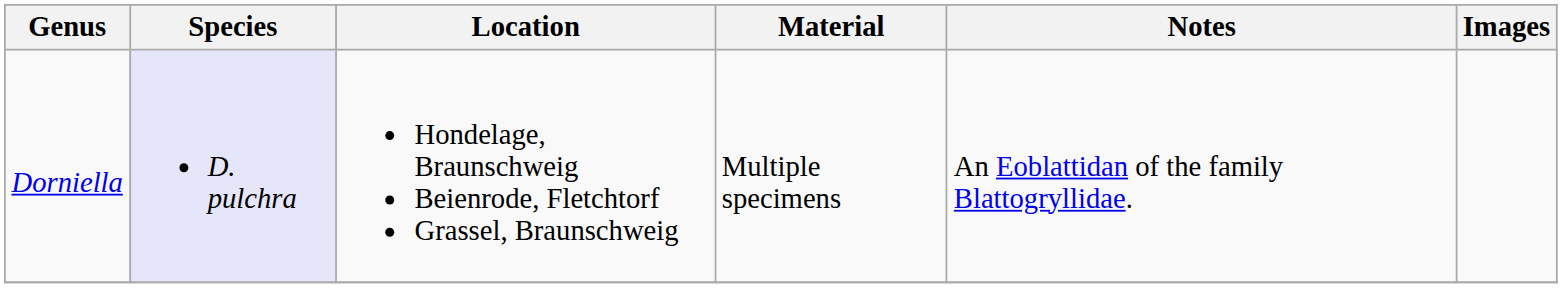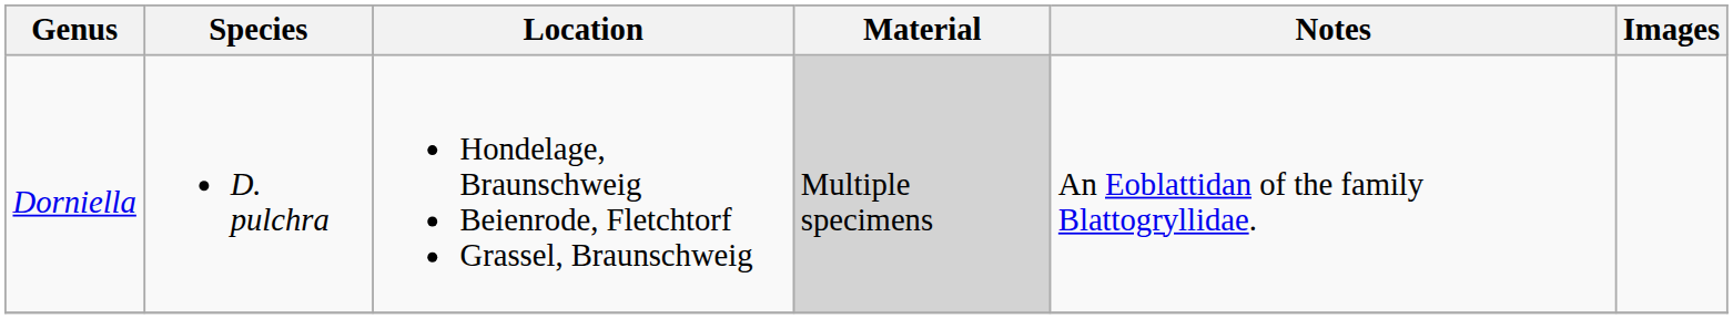 <table class = "wikitable">
 <tr>
 <th>Genus</th>
 <th>Species</th>
 <th>Location</th>
 <th>Material</th>
 <th>Notes</th>
 <th>Images</th>
 </tr>
 <tr>
 <td><br><em><a href='#'>Dorniella</a></em></td>
-<td style="background: lavender;"><br><ul><li><em>D. pulchra</em></li></ul></td>
+<td><br><ul><li><em>D. pulchra</em></li></ul></td>
 <td><br><ul><li>Hondelage, Braunschweig</li><li>Beienrode, Fletchtorf</li><li>Grassel, Braunschweig</li></ul></td>
-<td><br>Multiple specimens</td>
+<td style="background: lightgrey;"><br>Multiple specimens</td>
 <td><br>An <a href='#'>Eoblattidan</a> of the family <a href='#'>Blattogryllidae</a>.</td>
 <td></td>
 </tr>
 <tr>
 </tr>
 </table>
